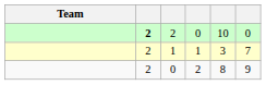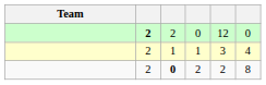 <table class="wikitable" style="text-align: center; font-size:90% ">
 <tr>
 <th width=160>Team</th>
 <th width=25></th>
 <th width=25></th>
 <th width=25></th>
 <th width=25></th>
 <th width=25></th>
 </tr>
 <tr bgcolor="ccffcc">
 <td align=left></td>
 <td><strong>2</strong></td>
 <td>2</td>
 <td>0</td>
-<td>10</td>
+<td>12</td>
 <td>0</td>
 </tr>
 <tr bgcolor="ffffcc">
 <td align=left></td>
 <td>2</td>
 <td>1</td>
 <td>1</td>
 <td>3</td>
-<td>7</td>
+<td>4</td>
 </tr>
 <tr>
 <td align=left></td>
 <td>2</td>
-<td>0</td>
+<td><strong>0</strong></td>
+<td>2</td>
 <td>2</td>
 <td>8</td>
-<td>9</td>
 </tr>
 </table>
